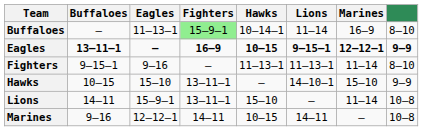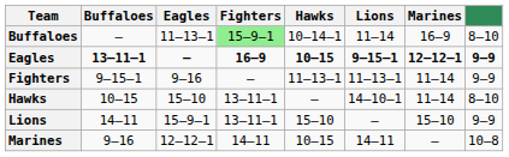 <table class="wikitable plainrowheaders" style="text-align:center;">
 <tr>
 <th>Team</th>
 <th>Buffaloes</th>
 <th>Eagles</th>
 <th>Fighters</th>
 <th>Hawks</th>
 <th>Lions</th>
 <th>Marines</th>
 <th style="background:#2e8b57; color:white;"></th>
 </tr>
 <tr>
 <th scope="row" style="text-align:left;">Buffaloes</th>
 <td>—</td>
 <td>11–13–1</td>
 <td style="background: lightgreen;">15–9–1</td>
 <td>10–14–1</td>
 <td>11–14</td>
 <td>16–9</td>
 <td>8–10</td>
 </tr>
 <tr>
 <th scope="row" style="text-align:left;"><strong>Eagles</strong></th>
 <td><strong>13–11–1</strong></td>
 <td><strong>—</strong></td>
 <td><strong>16–9</strong></td>
 <td><strong>10–15</strong></td>
 <td><strong>9–15–1</strong></td>
 <td><strong>12–12–1</strong></td>
 <td><strong>9–9</strong></td>
 </tr>
 <tr>
 <th scope="row" style="text-align:left;">Fighters</th>
 <td>9–15–1</td>
 <td>9–16</td>
 <td>—</td>
 <td>11–13–1</td>
 <td>11–13–1</td>
 <td>11–14</td>
-<td>8–10</td>
+<td>9–9</td>
 </tr>
 <tr>
 <th scope="row" style="text-align:left;">Hawks</th>
 <td>10–15</td>
 <td>15–10</td>
 <td>13–11–1</td>
 <td>—</td>
 <td>14–10–1</td>
-<td>15–10</td>
-<td>9–9</td>
+<td>11–14</td>
+<td>8–10</td>
 </tr>
 <tr>
 <th scope="row" style="text-align:left;">Lions</th>
 <td>14–11</td>
 <td>15–9–1</td>
 <td>13–11–1</td>
 <td>15–10</td>
 <td>—</td>
-<td>11–14</td>
-<td>10–8</td>
+<td>15–10</td>
+<td>9–9</td>
 </tr>
 <tr>
 <th scope="row" style="text-align:left;">Marines</th>
 <td>9–16</td>
 <td>12–12–1</td>
 <td>14–11</td>
 <td>10–15</td>
 <td>14–11</td>
 <td>—</td>
 <td>10–8</td>
 </tr>
 </table>
